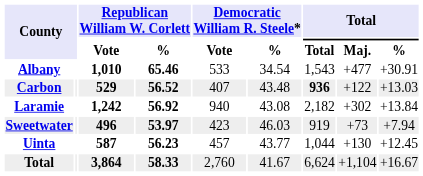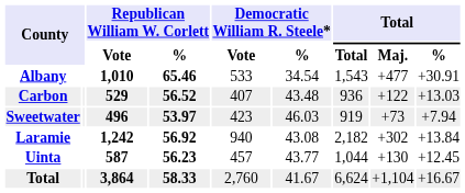 <table class="toccolours sortable" style="text-align:center;">
 <tr style="background:lavender">
 <th rowspan="3" colspan="2">County</th>
 <th colspan=2><a href='#'>Republican</a><br><a href='#'>William W. Corlett</a></th>
 <th colspan=2><a href='#'>Democratic</a><br><a href='#'>William R. Steele</a>*</th>
 <th colspan=3>Total</th>
 </tr>
 <tr>
 <th colspan=2 style="background-color:"></th>
 <th colspan=2 style="background-color:"></th>
 <th colspan=3 style="background-color:#000000"></th>
 </tr>
 <tr>
 <th align="center">Vote</th>
 <th align="center">%</th>
 <th align="center">Vote</th>
 <th align="center">%</th>
 <th align="center">Total</th>
 <th align="center">Maj.</th>
 <th align="center">%</th>
 </tr>
 <tr>
 <th><a href='#'>Albany</a></th>
 <td style="background-color:"></td>
 <td><strong>1,010</strong></td>
 <td><strong>65.46	</strong></td>
 <td>533</td>
 <td>34.54</td>
 <td>1,543</td>
 <td>+477</td>
 <td>+30.91</td>
 </tr>
 <tr style="background:#EEEEEE;">
 <th><a href='#'>Carbon</a></th>
 <td style="background-color:"></td>
 <td><strong>529</strong></td>
 <td><strong>56.52</strong></td>
 <td>407</td>
 <td>43.48</td>
-<td><strong>936</strong></td>
+<td>936</td>
 <td>+122</td>
 <td>+13.03</td>
+</tr>
+<tr style="background:#EEEEEE;">
+<th><a href='#'>Sweetwater</a></th>
+<td style="background-color:"></td>
+<td><strong>496</strong></td>
+<td><strong>53.97</strong></td>
+<td>423</td>
+<td>46.03</td>
+<td>919</td>
+<td>+73</td>
+<td>+7.94</td>
 </tr>
 <tr>
 <th><a href='#'>Laramie</a></th>
 <td style="background-color:"></td>
 <td><strong>1,242</strong></td>
 <td><strong>56.92</strong></td>
 <td>940</td>
 <td>43.08</td>
 <td>2,182</td>
 <td>+302</td>
 <td>+13.84</td>
-</tr>
-<tr style="background:#EEEEEE;">
-<th><a href='#'>Sweetwater</a></th>
-<td style="background-color:"></td>
-<td><strong>496</strong></td>
-<td><strong>53.97</strong></td>
-<td>423</td>
-<td>46.03</td>
-<td>919</td>
-<td>+73</td>
-<td>+7.94</td>
 </tr>
 <tr>
 <th><a href='#'>Uinta</a></th>
 <td style="background-color:"></td>
 <td><strong>587</strong></td>
 <td><strong>56.23	</strong></td>
 <td>457</td>
 <td>43.77</td>
 <td>1,044</td>
 <td>+130</td>
 <td>+12.45</td>
 </tr>
 <tr style="background:#EEEEEE;">
 <th>Total</th>
 <td style="background-color:"></td>
 <td><strong>3,864</strong></td>
 <td><strong>58.33</strong></td>
 <td>2,760</td>
 <td>41.67</td>
 <td>6,624</td>
 <td>+1,104</td>
 <td>+16.67</td>
 </tr>
 </table>
